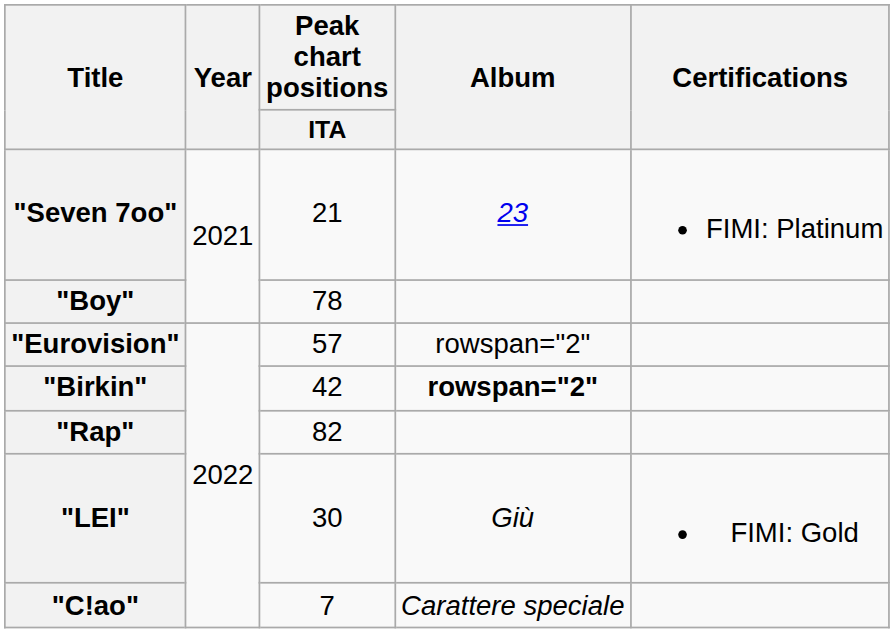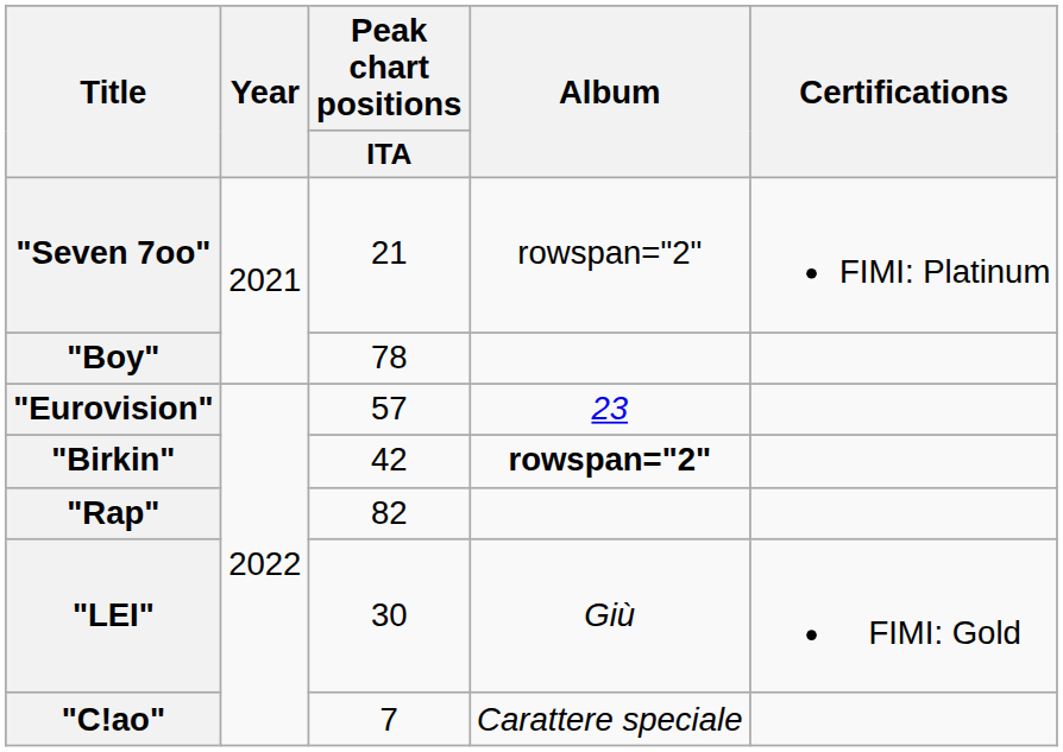 <table class="wikitable plainrowheaders" style="text-align:center;">
 <tr>
 <th scope="col" rowspan="2">Title</th>
 <th scope="col" rowspan="2">Year</th>
 <th scope="col" colspan="1">Peak chart positions</th>
 <th scope="col" rowspan="2">Album</th>
 <th scope="col" rowspan="2">Certifications</th>
 </tr>
 <tr>
 <th scope="col" style="width:3em;font-size:90%;">ITA<br></th>
 </tr>
 <tr>
 <th scope="row">"Seven 7oo"<br></th>
 <td rowspan="2">2021</td>
 <td>21</td>
-<td><em><a href='#'>23</a></em></td>
+<td>rowspan="2" </td>
 <td><br><ul><li>FIMI: Platinum</li></ul></td>
 </tr>
 <tr>
 <th scope="row">"Boy"<br></th>
 <td>78</td>
 <td></td>
 </tr>
 <tr>
 <th scope="row">"Eurovision"<br></th>
 <td rowspan="5">2022</td>
 <td>57</td>
-<td>rowspan="2" </td>
+<td><em><a href='#'>23</a></em></td>
 <td></td>
 </tr>
 <tr>
 <th scope="row">"Birkin"<br></th>
 <td>42</td>
 <td><strong>rowspan="2" </strong></td>
 <td></td>
 </tr>
 <tr>
 <th scope="row">"Rap"<br></th>
 <td>82</td>
 <td></td>
 </tr>
 <tr>
 <th scope="row">"LEI"<br></th>
 <td>30</td>
 <td><em>Giù</em></td>
 <td><br><ul><li>FIMI: Gold</li></ul></td>
 </tr>
 <tr>
 <th scope="row">"C!ao"<br></th>
 <td>7</td>
 <td><em>Carattere speciale</em></td>
 </tr>
 </table>
